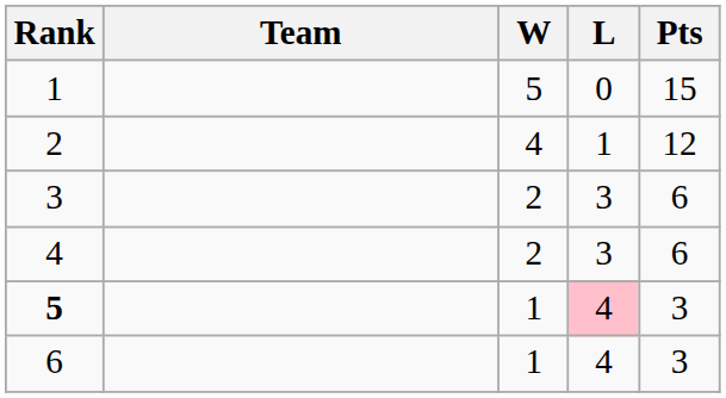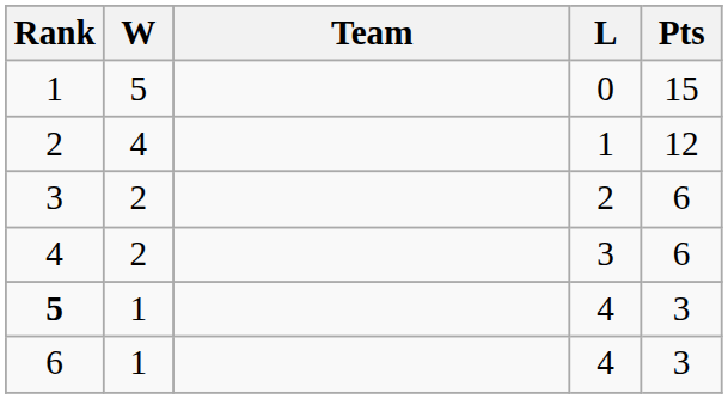 <table class="wikitable" style="text-align:center">
 <tr>
 <th>Rank</th>
+<th width=25px>W</th>
 <th width=175px>Team</th>
-<th width=25px>W</th>
 <th width=25px>L</th>
 <th width=30px>Pts</th>
 </tr>
 <tr align=center>
 <td>1</td>
+<td>5</td>
 <td align="left"></td>
-<td>5</td>
 <td>0</td>
 <td>15</td>
 </tr>
 <tr align=center>
 <td>2</td>
+<td>4</td>
 <td align="left"><strong></strong></td>
-<td>4</td>
 <td>1</td>
 <td>12</td>
 </tr>
 <tr align="center">
 <td>3</td>
+<td>2</td>
 <td align="left"></td>
 <td>2</td>
-<td>3</td>
 <td>6</td>
 </tr>
 <tr align=center>
 <td>4</td>
+<td>2</td>
 <td align="left"></td>
-<td>2</td>
 <td>3</td>
 <td>6</td>
 </tr>
 <tr align="center">
 <td><strong>5</strong></td>
+<td>1</td>
 <td align="left"></td>
-<td>1</td>
-<td style="background: pink;">4</td>
+<td>4</td>
 <td>3</td>
 </tr>
 <tr align=center>
 <td>6</td>
+<td>1</td>
 <td align="left"></td>
-<td>1</td>
 <td>4</td>
 <td>3</td>
 </tr>
 </table>
